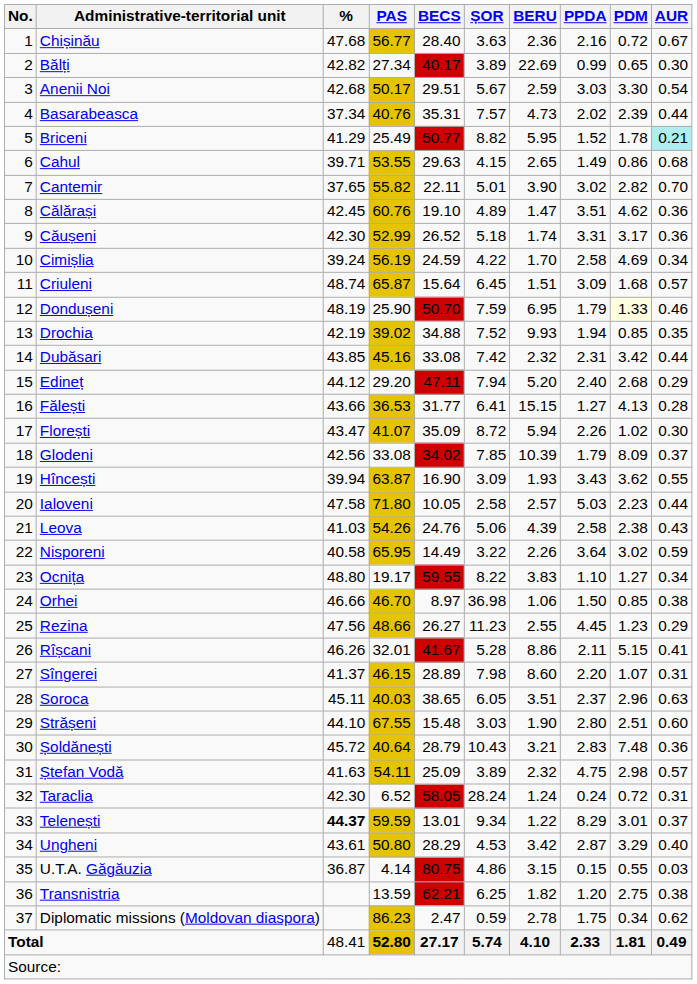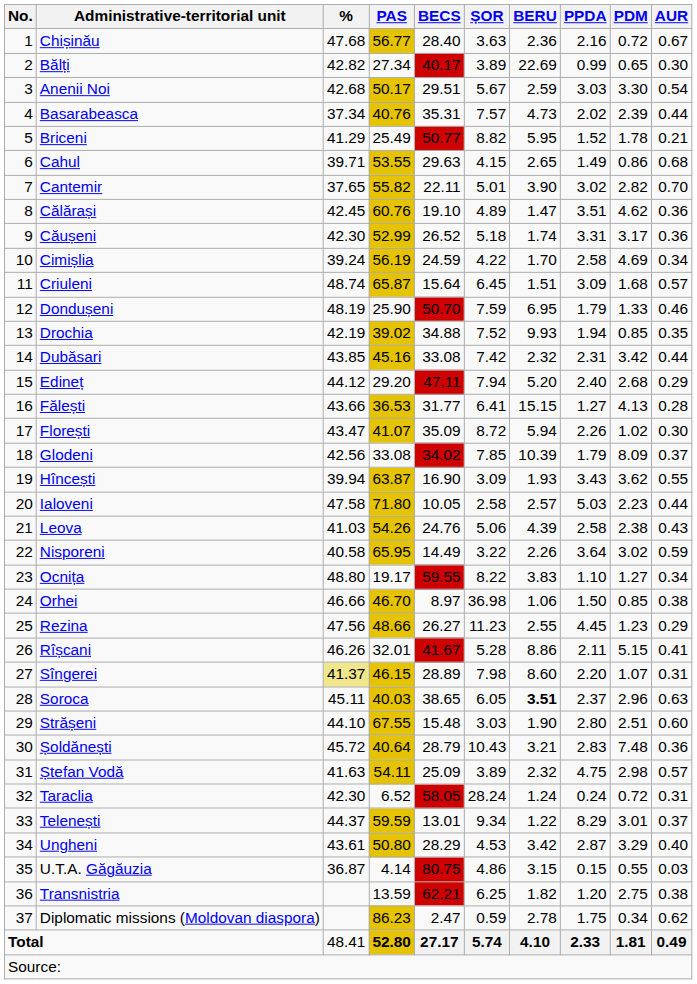 <table class="wikitable sortable" style="text-align:right">
 <tr>
 <th>No.</th>
 <th>Administrative-territorial unit</th>
 <th>%</th>
 <th><a href='#'>PAS</a></th>
 <th><a href='#'>BECS</a></th>
 <th><a href='#'>ȘOR</a></th>
 <th><a href='#'>BERU</a></th>
 <th><a href='#'>PPDA</a></th>
 <th><a href='#'>PDM</a></th>
 <th><a href='#'>AUR</a></th>
 </tr>
 <tr>
 <td>1</td>
 <td align="left"><a href='#'>Chișinău</a></td>
 <td>47.68</td>
 <td bgcolor="e6c300">56.77</td>
 <td>28.40</td>
 <td>3.63</td>
 <td>2.36</td>
 <td>2.16</td>
 <td>0.72</td>
 <td>0.67</td>
 </tr>
 <tr>
 <td>2</td>
 <td align="left"><a href='#'>Bălți</a></td>
 <td>42.82</td>
 <td>27.34</td>
 <td bgcolor="ce0000">40.17</td>
 <td>3.89</td>
 <td>22.69</td>
 <td>0.99</td>
 <td>0.65</td>
 <td>0.30</td>
 </tr>
 <tr>
 <td>3</td>
 <td align="left"><a href='#'>Anenii Noi</a></td>
 <td>42.68</td>
 <td bgcolor="e6c300">50.17</td>
 <td>29.51</td>
 <td>5.67</td>
 <td>2.59</td>
 <td>3.03</td>
 <td>3.30</td>
 <td>0.54</td>
 </tr>
 <tr>
 <td>4</td>
 <td align="left"><a href='#'>Basarabeasca</a></td>
 <td>37.34</td>
 <td bgcolor="e6c300">40.76</td>
 <td>35.31</td>
 <td>7.57</td>
 <td>4.73</td>
 <td>2.02</td>
 <td>2.39</td>
 <td>0.44</td>
 </tr>
 <tr>
 <td>5</td>
 <td align="left"><a href='#'>Briceni</a></td>
 <td>41.29</td>
 <td>25.49</td>
 <td bgcolor="ce0000">50.77</td>
 <td>8.82</td>
 <td>5.95</td>
 <td>1.52</td>
 <td>1.78</td>
-<td style="background: paleturquoise;">0.21</td>
+<td>0.21</td>
 </tr>
 <tr>
 <td>6</td>
 <td align="left"><a href='#'>Cahul</a></td>
 <td>39.71</td>
 <td bgcolor="e6c300">53.55</td>
 <td>29.63</td>
 <td>4.15</td>
 <td>2.65</td>
 <td>1.49</td>
 <td>0.86</td>
 <td>0.68</td>
 </tr>
 <tr>
 <td>7</td>
 <td align="left"><a href='#'>Cantemir</a></td>
 <td>37.65</td>
 <td bgcolor="e6c300">55.82</td>
 <td>22.11</td>
 <td>5.01</td>
 <td>3.90</td>
 <td>3.02</td>
 <td>2.82</td>
 <td>0.70</td>
 </tr>
 <tr>
 <td>8</td>
 <td align="left"><a href='#'>Călărași</a></td>
 <td>42.45</td>
 <td bgcolor="e6c300">60.76</td>
 <td>19.10</td>
 <td>4.89</td>
 <td>1.47</td>
 <td>3.51</td>
 <td>4.62</td>
 <td>0.36</td>
 </tr>
 <tr>
 <td>9</td>
 <td align="left"><a href='#'>Căușeni</a></td>
 <td>42.30</td>
 <td bgcolor="e6c300">52.99</td>
 <td>26.52</td>
 <td>5.18</td>
 <td>1.74</td>
 <td>3.31</td>
 <td>3.17</td>
 <td>0.36</td>
 </tr>
 <tr>
 <td>10</td>
 <td align="left"><a href='#'>Cimișlia</a></td>
 <td>39.24</td>
 <td bgcolor="e6c300">56.19</td>
 <td>24.59</td>
 <td>4.22</td>
 <td>1.70</td>
 <td>2.58</td>
 <td>4.69</td>
 <td>0.34</td>
 </tr>
 <tr>
 <td>11</td>
 <td align="left"><a href='#'>Criuleni</a></td>
 <td>48.74</td>
 <td bgcolor="e6c300">65.87</td>
 <td>15.64</td>
 <td>6.45</td>
 <td>1.51</td>
 <td>3.09</td>
 <td>1.68</td>
 <td>0.57</td>
 </tr>
 <tr>
 <td>12</td>
 <td align="left"><a href='#'>Dondușeni</a></td>
 <td>48.19</td>
 <td>25.90</td>
 <td bgcolor="ce0000">50.70</td>
 <td>7.59</td>
 <td>6.95</td>
 <td>1.79</td>
-<td style="background: lightyellow;">1.33</td>
+<td>1.33</td>
 <td>0.46</td>
 </tr>
 <tr>
 <td>13</td>
 <td align="left"><a href='#'>Drochia</a></td>
 <td>42.19</td>
 <td bgcolor="e6c300">39.02</td>
 <td>34.88</td>
 <td>7.52</td>
 <td>9.93</td>
 <td>1.94</td>
 <td>0.85</td>
 <td>0.35</td>
 </tr>
 <tr>
 <td>14</td>
 <td align="left"><a href='#'>Dubăsari</a></td>
 <td>43.85</td>
 <td bgcolor="e6c300">45.16</td>
 <td>33.08</td>
 <td>7.42</td>
 <td>2.32</td>
 <td>2.31</td>
 <td>3.42</td>
 <td>0.44</td>
 </tr>
 <tr>
 <td>15</td>
 <td align="left"><a href='#'>Edineț</a></td>
 <td>44.12</td>
 <td>29.20</td>
 <td bgcolor="ce0000">47.11</td>
 <td>7.94</td>
 <td>5.20</td>
 <td>2.40</td>
 <td>2.68</td>
 <td>0.29</td>
 </tr>
 <tr>
 <td>16</td>
 <td align="left"><a href='#'>Fălești</a></td>
 <td>43.66</td>
 <td bgcolor="e6c300">36.53</td>
 <td>31.77</td>
 <td>6.41</td>
 <td>15.15</td>
 <td>1.27</td>
 <td>4.13</td>
 <td>0.28</td>
 </tr>
 <tr>
 <td>17</td>
 <td align="left"><a href='#'>Florești</a></td>
 <td>43.47</td>
 <td bgcolor="e6c300">41.07</td>
 <td>35.09</td>
 <td>8.72</td>
 <td>5.94</td>
 <td>2.26</td>
 <td>1.02</td>
 <td>0.30</td>
 </tr>
 <tr>
 <td>18</td>
 <td align="left"><a href='#'>Glodeni</a></td>
 <td>42.56</td>
 <td>33.08</td>
 <td bgcolor="ce0000">34.02</td>
 <td>7.85</td>
 <td>10.39</td>
 <td>1.79</td>
 <td>8.09</td>
 <td>0.37</td>
 </tr>
 <tr>
 <td>19</td>
 <td align="left"><a href='#'>Hîncești</a></td>
 <td>39.94</td>
 <td bgcolor="e6c300">63.87</td>
 <td>16.90</td>
 <td>3.09</td>
 <td>1.93</td>
 <td>3.43</td>
 <td>3.62</td>
 <td>0.55</td>
 </tr>
 <tr>
 <td>20</td>
 <td align="left"><a href='#'>Ialoveni</a></td>
 <td>47.58</td>
 <td bgcolor="e6c300">71.80</td>
 <td>10.05</td>
 <td>2.58</td>
 <td>2.57</td>
 <td>5.03</td>
 <td>2.23</td>
 <td>0.44</td>
 </tr>
 <tr>
 <td>21</td>
 <td align="left"><a href='#'>Leova</a></td>
 <td>41.03</td>
 <td bgcolor="e6c300">54.26</td>
 <td>24.76</td>
 <td>5.06</td>
 <td>4.39</td>
 <td>2.58</td>
 <td>2.38</td>
 <td>0.43</td>
 </tr>
 <tr>
 <td>22</td>
 <td align="left"><a href='#'>Nisporeni</a></td>
 <td>40.58</td>
 <td bgcolor="e6c300">65.95</td>
 <td>14.49</td>
 <td>3.22</td>
 <td>2.26</td>
 <td>3.64</td>
 <td>3.02</td>
 <td>0.59</td>
 </tr>
 <tr>
 <td>23</td>
 <td align="left"><a href='#'>Ocnița</a></td>
 <td>48.80</td>
 <td>19.17</td>
 <td bgcolor="ce0000">59.55</td>
 <td>8.22</td>
 <td>3.83</td>
 <td>1.10</td>
 <td>1.27</td>
 <td>0.34</td>
 </tr>
 <tr>
 <td>24</td>
 <td align="left"><a href='#'>Orhei</a></td>
 <td>46.66</td>
 <td bgcolor="e6c300">46.70</td>
 <td>8.97</td>
 <td>36.98</td>
 <td>1.06</td>
 <td>1.50</td>
 <td>0.85</td>
 <td>0.38</td>
 </tr>
 <tr>
 <td>25</td>
 <td align="left"><a href='#'>Rezina</a></td>
 <td>47.56</td>
 <td bgcolor="e6c300">48.66</td>
 <td>26.27</td>
 <td>11.23</td>
 <td>2.55</td>
 <td>4.45</td>
 <td>1.23</td>
 <td>0.29</td>
 </tr>
 <tr>
 <td>26</td>
 <td align="left"><a href='#'>Rîșcani</a></td>
 <td>46.26</td>
 <td>32.01</td>
 <td bgcolor="ce0000">41.67</td>
 <td>5.28</td>
 <td>8.86</td>
 <td>2.11</td>
 <td>5.15</td>
 <td>0.41</td>
 </tr>
 <tr>
 <td>27</td>
 <td align="left"><a href='#'>Sîngerei</a></td>
-<td>41.37</td>
+<td style="background: khaki;">41.37</td>
 <td bgcolor="e6c300">46.15</td>
 <td>28.89</td>
 <td>7.98</td>
 <td>8.60</td>
 <td>2.20</td>
 <td>1.07</td>
 <td>0.31</td>
 </tr>
 <tr>
 <td>28</td>
 <td align="left"><a href='#'>Soroca</a></td>
 <td>45.11</td>
 <td bgcolor="e6c300">40.03</td>
 <td>38.65</td>
 <td>6.05</td>
-<td>3.51</td>
+<td><strong>3.51</strong></td>
 <td>2.37</td>
 <td>2.96</td>
 <td>0.63</td>
 </tr>
 <tr>
 <td>29</td>
 <td align="left"><a href='#'>Strășeni</a></td>
 <td>44.10</td>
 <td bgcolor="e6c300">67.55</td>
 <td>15.48</td>
 <td>3.03</td>
 <td>1.90</td>
 <td>2.80</td>
 <td>2.51</td>
 <td>0.60</td>
 </tr>
 <tr>
 <td>30</td>
 <td align="left"><a href='#'>Șoldănești</a></td>
 <td>45.72</td>
 <td bgcolor="e6c300">40.64</td>
 <td>28.79</td>
 <td>10.43</td>
 <td>3.21</td>
 <td>2.83</td>
 <td>7.48</td>
 <td>0.36</td>
 </tr>
 <tr>
 <td>31</td>
 <td align="left"><a href='#'>Ștefan Vodă</a></td>
 <td>41.63</td>
 <td bgcolor="e6c300">54.11</td>
 <td>25.09</td>
 <td>3.89</td>
 <td>2.32</td>
 <td>4.75</td>
 <td>2.98</td>
 <td>0.57</td>
 </tr>
 <tr>
 <td>32</td>
 <td align="left"><a href='#'>Taraclia</a></td>
 <td>42.30</td>
 <td>6.52</td>
 <td bgcolor="ce0000">58.05</td>
 <td>28.24</td>
 <td>1.24</td>
 <td>0.24</td>
 <td>0.72</td>
 <td>0.31</td>
 </tr>
 <tr>
 <td>33</td>
 <td align="left"><a href='#'>Telenești</a></td>
-<td><strong>44.37</strong></td>
+<td>44.37</td>
 <td bgcolor="e6c300">59.59</td>
 <td>13.01</td>
 <td>9.34</td>
 <td>1.22</td>
 <td>8.29</td>
 <td>3.01</td>
 <td>0.37</td>
 </tr>
 <tr>
 <td>34</td>
 <td align="left"><a href='#'>Ungheni</a></td>
 <td>43.61</td>
 <td bgcolor="e6c300">50.80</td>
 <td>28.29</td>
 <td>4.53</td>
 <td>3.42</td>
 <td>2.87</td>
 <td>3.29</td>
 <td>0.40</td>
 </tr>
 <tr>
 <td>35</td>
 <td align="left">U.T.A. <a href='#'>Găgăuzia</a></td>
 <td>36.87</td>
 <td>4.14</td>
 <td bgcolor="ce0000">80.75</td>
 <td>4.86</td>
 <td>3.15</td>
 <td>0.15</td>
 <td>0.55</td>
 <td>0.03</td>
 </tr>
 <tr>
 <td>36</td>
 <td align="left"><a href='#'>Transnistria</a></td>
 <td></td>
 <td>13.59</td>
 <td bgcolor="ce0000">62.21</td>
 <td>6.25</td>
 <td>1.82</td>
 <td>1.20</td>
 <td>2.75</td>
 <td>0.38</td>
 </tr>
 <tr>
 <td>37</td>
 <td align="left">Diplomatic missions (<a href='#'>Moldovan diaspora</a>)</td>
 <td></td>
 <td bgcolor="e6c300">86.23</td>
 <td>2.47</td>
 <td>0.59</td>
 <td>2.78</td>
 <td>1.75</td>
 <td>0.34</td>
 <td>0.62</td>
 </tr>
 <tr>
 <td colspan="2" align="left"><strong>Total</strong></td>
 <td>48.41</td>
 <td bgcolor="e6c300"><strong>52.80</strong></td>
 <th>27.17</th>
 <th>5.74</th>
 <th>4.10</th>
 <th>2.33</th>
 <th>1.81</th>
 <th>0.49</th>
 </tr>
 <tr>
 <td colspan="10" align="left">Source: </td>
 </tr>
 </table>
